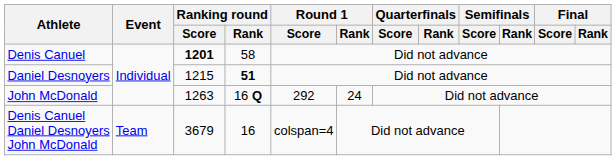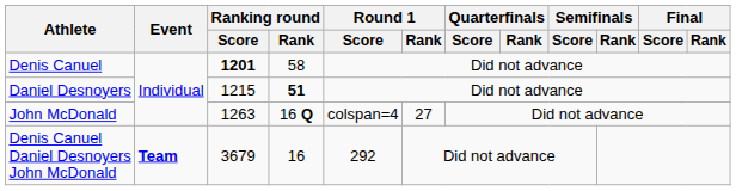 <table class="wikitable" style="font-size:90%">
 <tr>
 <th rowspan=2>Athlete</th>
 <th rowspan=2>Event</th>
 <th colspan="2">Ranking round</th>
 <th colspan="2">Round 1</th>
 <th colspan="2">Quarterfinals</th>
 <th colspan="2">Semifinals</th>
 <th colspan="2">Final</th>
 </tr>
 <tr style="font-size:95%">
 <th>Score</th>
 <th>Rank</th>
 <th>Score</th>
 <th>Rank</th>
 <th>Score</th>
 <th>Rank</th>
 <th>Score</th>
 <th>Rank</th>
 <th>Score</th>
 <th>Rank</th>
 </tr>
 <tr align=center>
 <td align=left><a href='#'>Denis Canuel</a></td>
 <td align=left rowspan=3><a href='#'>Individual</a></td>
 <td><strong>1201</strong></td>
 <td>58</td>
 <td colspan=8>Did not advance</td>
 </tr>
 <tr align=center>
 <td align=left><a href='#'>Daniel Desnoyers</a></td>
 <td>1215</td>
 <td><strong>51</strong></td>
 <td colspan=8>Did not advance</td>
 </tr>
 <tr align=center>
 <td align=left><a href='#'>John McDonald</a></td>
 <td>1263</td>
 <td>16 <strong>Q</strong></td>
-<td>292</td>
-<td>24</td>
+<td>colspan=4</td>
+<td>27</td>
 <td colspan=6>Did not advance</td>
 </tr>
 <tr align=center>
 <td align=left><a href='#'>Denis Canuel</a><br><a href='#'>Daniel Desnoyers</a><br><a href='#'>John McDonald</a></td>
-<td align=left><a href='#'>Team</a></td>
+<td align=left><strong><a href='#'>Team</a></strong></td>
 <td>3679</td>
 <td>16</td>
-<td>colspan=4</td>
+<td>292</td>
 <td colspan=4>Did not advance</td>
 </tr>
 </table>
